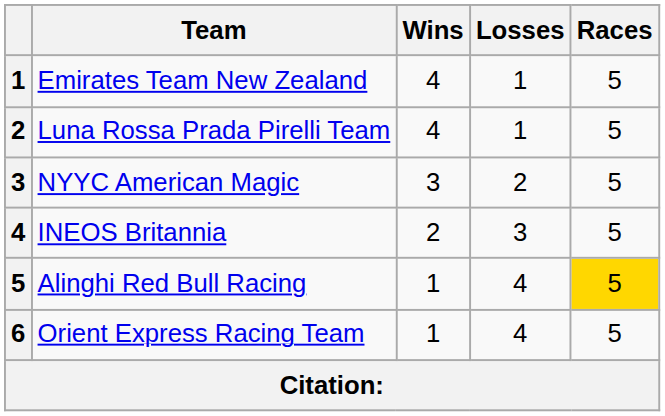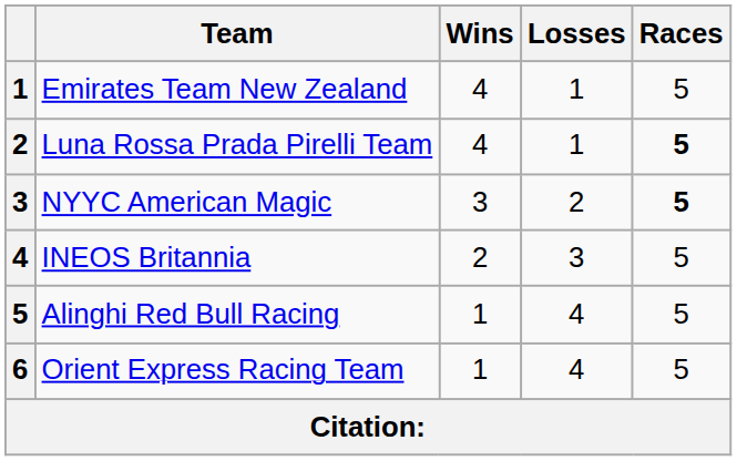 <table class="wikitable" style="font-size:10pt;line-height:1.5;text-align: center;">
 <tr>
 <th></th>
 <th>Team</th>
 <th>Wins</th>
 <th>Losses</th>
 <th>Races</th>
 </tr>
 <tr>
 <th>1</th>
 <td align="left"> <a href='#'>Emirates Team New Zealand</a></td>
 <td>4</td>
 <td>1</td>
 <td>5</td>
 </tr>
 <tr>
 <th>2</th>
 <td align="left"> <a href='#'>Luna Rossa Prada Pirelli Team</a></td>
 <td>4</td>
 <td>1</td>
-<td>5</td>
+<td><strong>5</strong></td>
 </tr>
 <tr>
 <th>3</th>
 <td align="left"> <a href='#'>NYYC American Magic</a></td>
 <td>3</td>
 <td>2</td>
-<td>5</td>
+<td><strong>5</strong></td>
 </tr>
 <tr>
 <th>4</th>
 <td align="left"> <a href='#'>INEOS Britannia</a></td>
 <td>2</td>
 <td>3</td>
 <td>5</td>
 </tr>
 <tr>
 <th>5</th>
 <td align="left"> <a href='#'>Alinghi Red Bull Racing</a></td>
 <td>1</td>
 <td>4</td>
-<td style="background: gold;">5</td>
+<td>5</td>
 </tr>
 <tr>
 <th>6</th>
 <td align="left"> <a href='#'>Orient Express Racing Team</a></td>
 <td>1</td>
 <td>4</td>
 <td>5</td>
 </tr>
 <tr>
 <th colspan="5">Citation:</th>
 </tr>
 </table>
